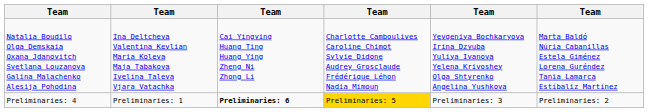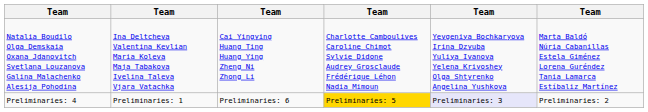 <table class="wikitable" style="text-align:left;">
 <tr>
 <th scope="col" style="width:15%;">Team</th>
 <th scope="col" style="width:15%;">Team</th>
 <th scope="col" style="width:15%;">Team</th>
 <th scope="col" style="width:15%;">Team</th>
 <th scope="col" style="width:15%;">Team</th>
 <th scope="col" style="width:15%;">Team</th>
 </tr>
 <tr>
 <td><strong></strong><br><small><a href='#'>Natalia Boudilo</a><br><a href='#'>Olga Demskaia</a><br><a href='#'>Oxana Jdanovitch</a><br><a href='#'>Svetlana Louzanova</a><br><a href='#'>Galina Malachenko</a><br><a href='#'>Alesija Pohodina</a></small></td>
 <td><strong></strong><br><small><a href='#'>Ina Deltcheva</a><br><a href='#'>Valentina Kevlian</a><br><a href='#'>Maria Koleva</a><br><a href='#'>Maja Tabakova</a><br><a href='#'>Ivelina Taleva</a><br><a href='#'>Vjara Vatachka</a></small></td>
 <td valign="top"><strong></strong><br><small><a href='#'>Cai Yingying</a><br><a href='#'>Huang Ting</a><br><a href='#'>Huang Ying</a><br><a href='#'>Zheng Ni</a><br><a href='#'>Zhong Li</a><br></small></td>
 <td><strong></strong><br><small><a href='#'>Charlotte Camboulives</a><br><a href='#'>Caroline Chimot</a><br><a href='#'>Sylvie Didone</a><br><a href='#'>Audrey Grosclaude</a><br><a href='#'>Frédérique Léhon</a><br><a href='#'>Nadia Mimoun</a></small></td>
 <td><strong></strong><br><small><a href='#'>Yevgeniya Bochkaryova</a><br><a href='#'>Irina Dzyuba</a><br><a href='#'>Yuliya Ivanova</a><br><a href='#'>Yelena Krivoshey</a><br><a href='#'>Olga Shtyrenko</a><br><a href='#'>Angelina Yushkova</a></small></td>
 <td><strong></strong><br><small><a href='#'>Marta Baldó</a><br><a href='#'>Núria Cabanillas</a><br><a href='#'>Estela Giménez</a><br><a href='#'>Lorena Guréndez</a><br><a href='#'>Tania Lamarca</a><br><a href='#'>Estíbaliz Martínez</a></small></td>
 </tr>
 <tr>
 <td><small>Preliminaries: 4</small></td>
 <td><small>Preliminaries: 1</small></td>
-<td><strong><small>Preliminaries: 6</small></strong></td>
+<td><small>Preliminaries: 6</small></td>
 <td style="background: gold;"><small>Preliminaries: 5</small></td>
-<td><small>Preliminaries: 3</small></td>
+<td style="background: lavender;"><small>Preliminaries: 3</small></td>
 <td><small>Preliminaries: 2</small></td>
 </tr>
 </table>
